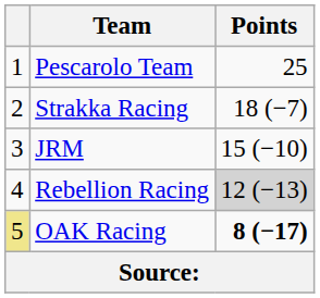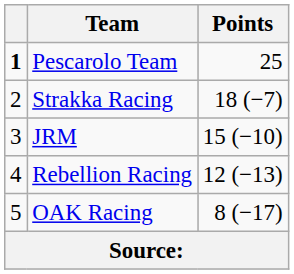 <table class="wikitable" style="font-size: 95%;">
 <tr>
 <th scope="col"></th>
 <th scope="col">Team</th>
 <th scope="col">Points</th>
 </tr>
 <tr>
-<td align=center>1</td>
+<td align=center><strong>1</strong></td>
 <td> <a href='#'>Pescarolo Team</a></td>
 <td align=right>25</td>
 </tr>
 <tr>
 <td align=center>2</td>
 <td> <a href='#'>Strakka Racing</a></td>
 <td align=right>18 (−7)</td>
 </tr>
 <tr>
 <td align=center>3</td>
 <td> <a href='#'>JRM</a></td>
 <td align=right>15 (−10)</td>
 </tr>
 <tr>
 <td align=center>4</td>
 <td> <a href='#'>Rebellion Racing</a></td>
-<td align=right style="background: lightgrey;">12 (−13)</td>
+<td align=right>12 (−13)</td>
 </tr>
 <tr>
-<td align=center style="background: khaki;">5</td>
+<td align=center>5</td>
 <td> <a href='#'>OAK Racing</a></td>
-<td align=right><strong>8 (−17)</strong></td>
+<td align=right>8 (−17)</td>
 </tr>
 <tr>
 <th colspan=4>Source:</th>
 </tr>
 </table>
